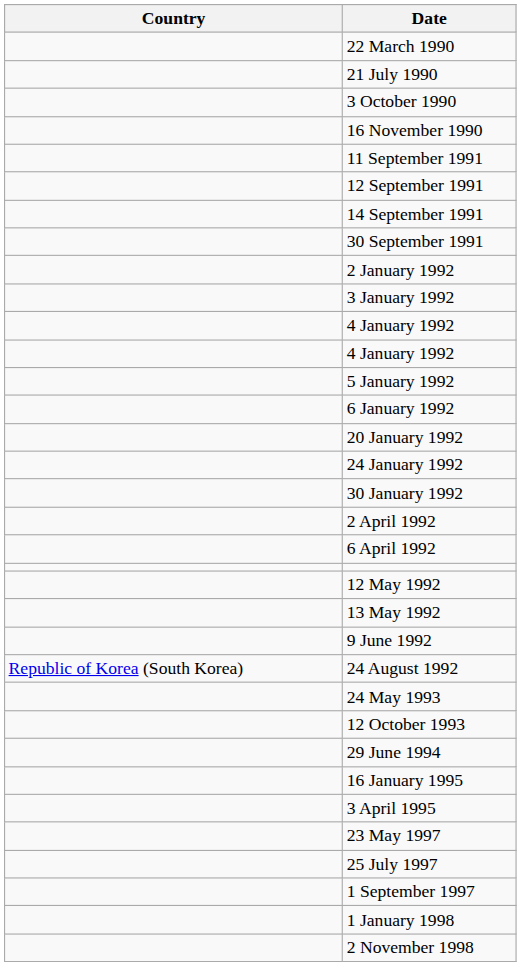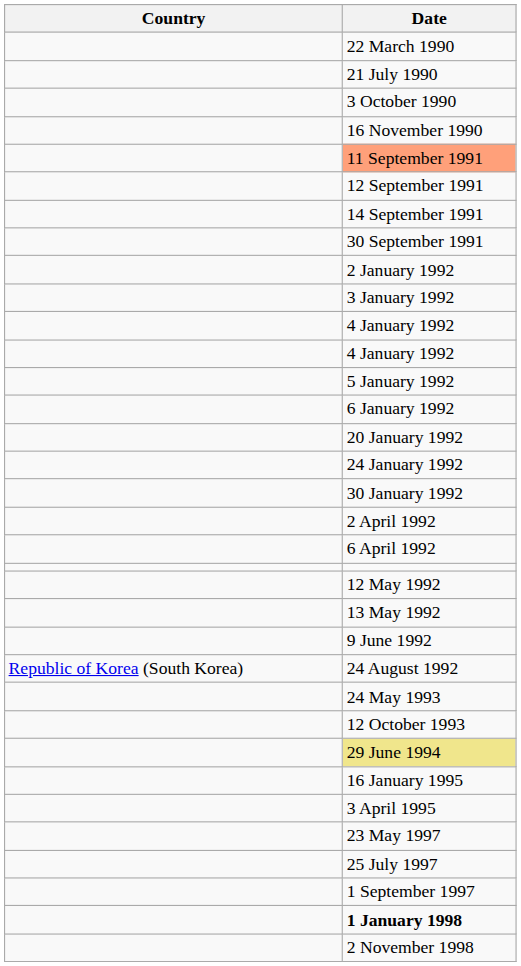 <table class="wikitable" border=1 style="border-collapse: collapse;">
 <tr bgcolor="#cccccc">
 <th width=300>Country</th>
 <th width=150>Date</th>
 </tr>
 <tr>
 <td></td>
 <td>22 March 1990</td>
 </tr>
 <tr>
 <td></td>
 <td>21 July 1990</td>
 </tr>
 <tr>
 <td></td>
 <td>3 October 1990</td>
 </tr>
 <tr>
 <td><em></em></td>
 <td>16 November 1990</td>
 </tr>
 <tr>
 <td></td>
-<td>11 September 1991</td>
+<td style="background: lightsalmon;">11 September 1991</td>
 </tr>
 <tr>
 <td></td>
 <td>12 September 1991</td>
 </tr>
 <tr>
 <td></td>
 <td>14 September 1991</td>
 </tr>
 <tr>
 <td></td>
 <td>30 September 1991</td>
 </tr>
 <tr>
 <td></td>
 <td>2 January 1992</td>
 </tr>
 <tr>
 <td></td>
 <td>3 January 1992</td>
 </tr>
 <tr>
 <td></td>
 <td>4 January 1992</td>
 </tr>
 <tr>
 <td></td>
 <td>4 January 1992</td>
 </tr>
 <tr>
 <td></td>
 <td>5 January 1992</td>
 </tr>
 <tr>
 <td></td>
 <td>6 January 1992</td>
 </tr>
 <tr>
 <td></td>
 <td>20 January 1992</td>
 </tr>
 <tr>
 <td></td>
 <td>24 January 1992</td>
 </tr>
 <tr>
 <td></td>
 <td>30 January 1992</td>
 </tr>
 <tr>
 <td></td>
 <td>2 April 1992</td>
 </tr>
 <tr>
 <td></td>
 <td>6 April 1992</td>
 </tr>
 <tr>
 <td></td>
 <td></td>
 </tr>
 <tr>
 <td></td>
 <td>12 May 1992</td>
 </tr>
 <tr>
 <td></td>
 <td>13 May 1992</td>
 </tr>
 <tr>
 <td></td>
 <td>9 June 1992</td>
 </tr>
 <tr>
 <td> <a href='#'>Republic of Korea</a> (South Korea)</td>
 <td>24 August 1992</td>
 </tr>
 <tr>
 <td></td>
 <td>24 May 1993</td>
 </tr>
 <tr>
 <td></td>
 <td>12 October 1993</td>
 </tr>
 <tr>
 <td></td>
-<td>29 June 1994</td>
+<td style="background: khaki;">29 June 1994</td>
 </tr>
 <tr>
 <td></td>
 <td>16 January 1995</td>
 </tr>
 <tr>
 <td></td>
 <td>3 April 1995</td>
 </tr>
 <tr>
 <td></td>
 <td>23 May 1997</td>
 </tr>
 <tr>
 <td></td>
 <td>25 July 1997</td>
 </tr>
 <tr>
 <td><em></em></td>
 <td>1 September 1997</td>
 </tr>
 <tr>
 <td></td>
-<td>1 January 1998</td>
+<td><strong>1 January 1998</strong></td>
 </tr>
 <tr>
 <td></td>
 <td>2 November 1998</td>
 </tr>
 </table>
